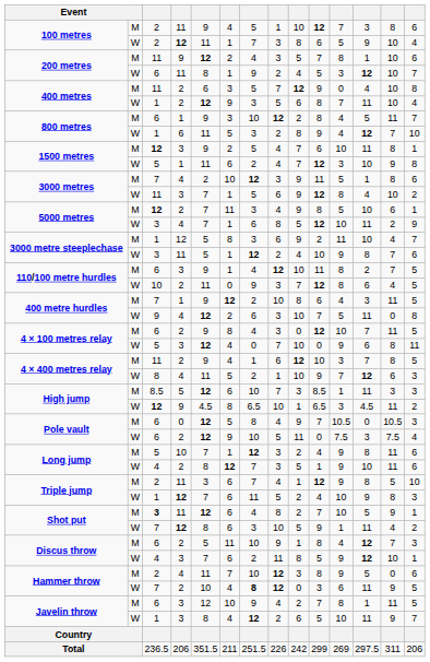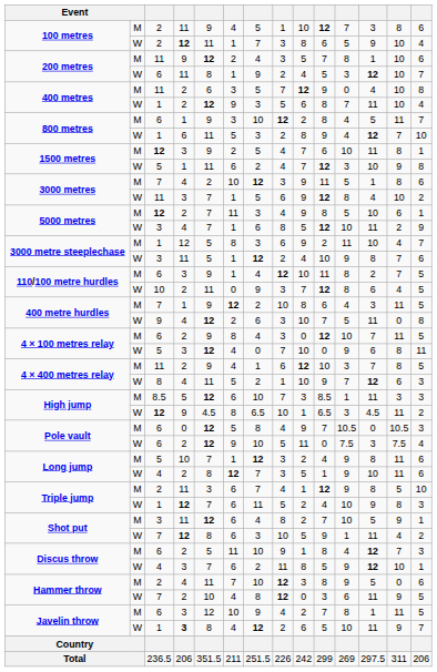 <table class="wikitable" style="background-color: #f9f9f9; font-size: 90%; text-align: center">
 <tr>
 <th width=200 colspan=2>Event</th>
 <th></th>
 <th></th>
 <th></th>
 <th></th>
 <th></th>
 <th></th>
 <th></th>
 <th></th>
 <th></th>
 <th></th>
 <th></th>
 <th></th>
 </tr>
 <tr>
 <td rowspan=2><strong><a href='#'>100 metres</a></strong></td>
 <td>M</td>
 <td>2</td>
 <td>11</td>
 <td>9</td>
 <td>4</td>
 <td>5</td>
 <td>1</td>
 <td>10</td>
 <td><strong>12</strong></td>
 <td>7</td>
 <td>3</td>
 <td>8</td>
 <td>6</td>
 </tr>
 <tr>
 <td>W</td>
 <td>2</td>
 <td><strong>12</strong></td>
 <td>11</td>
 <td>1</td>
 <td>7</td>
 <td>3</td>
 <td>8</td>
 <td>6</td>
 <td>5</td>
 <td>9</td>
 <td>10</td>
 <td>4</td>
 </tr>
 <tr>
 <td rowspan=2><strong><a href='#'>200 metres</a></strong></td>
 <td>M</td>
 <td>11</td>
 <td>9</td>
 <td><strong>12</strong></td>
 <td>2</td>
 <td>4</td>
 <td>3</td>
 <td>5</td>
 <td>7</td>
 <td>8</td>
 <td>1</td>
 <td>10</td>
 <td>6</td>
 </tr>
 <tr>
 <td>W</td>
 <td>6</td>
 <td>11</td>
 <td>8</td>
 <td>1</td>
 <td>9</td>
 <td>2</td>
 <td>4</td>
 <td>5</td>
 <td>3</td>
 <td><strong>12</strong></td>
 <td>10</td>
 <td>7</td>
 </tr>
 <tr>
 <td rowspan=2><strong><a href='#'>400 metres</a></strong></td>
 <td>M</td>
 <td>11</td>
 <td>2</td>
 <td>6</td>
 <td>3</td>
 <td>5</td>
 <td>7</td>
 <td><strong>12</strong></td>
 <td>9</td>
 <td>0</td>
 <td>4</td>
 <td>10</td>
 <td>8</td>
 </tr>
 <tr>
 <td>W</td>
 <td>1</td>
 <td>2</td>
 <td><strong>12</strong></td>
 <td>9</td>
 <td>3</td>
 <td>5</td>
 <td>6</td>
 <td>8</td>
 <td>7</td>
 <td>11</td>
 <td>10</td>
 <td>4</td>
 </tr>
 <tr>
 <td rowspan=2><strong><a href='#'>800 metres</a></strong></td>
 <td>M</td>
 <td>6</td>
 <td>1</td>
 <td>9</td>
 <td>3</td>
 <td>10</td>
 <td><strong>12</strong></td>
 <td>2</td>
 <td>8</td>
 <td>4</td>
 <td>5</td>
 <td>11</td>
 <td>7</td>
 </tr>
 <tr>
 <td>W</td>
 <td>1</td>
 <td>6</td>
 <td>11</td>
 <td>5</td>
 <td>3</td>
 <td>2</td>
 <td>8</td>
 <td>9</td>
 <td>4</td>
 <td><strong>12</strong></td>
 <td>7</td>
 <td>10</td>
 </tr>
 <tr>
 <td rowspan=2><strong><a href='#'>1500 metres</a></strong></td>
 <td>M</td>
 <td><strong>12</strong></td>
 <td>3</td>
 <td>9</td>
 <td>2</td>
 <td>5</td>
 <td>4</td>
 <td>7</td>
 <td>6</td>
 <td>10</td>
 <td>11</td>
 <td>8</td>
 <td>1</td>
 </tr>
 <tr>
 <td>W</td>
 <td>5</td>
 <td>1</td>
 <td>11</td>
 <td>6</td>
 <td>2</td>
 <td>4</td>
 <td>7</td>
 <td><strong>12</strong></td>
 <td>3</td>
 <td>10</td>
 <td>9</td>
 <td>8</td>
 </tr>
 <tr>
 <td rowspan=2><strong><a href='#'>3000 metres</a></strong></td>
 <td>M</td>
 <td>7</td>
 <td>4</td>
 <td>2</td>
 <td>10</td>
 <td><strong>12</strong></td>
 <td>3</td>
 <td>9</td>
 <td>11</td>
 <td>5</td>
 <td>1</td>
 <td>8</td>
 <td>6</td>
 </tr>
 <tr>
 <td>W</td>
 <td>11</td>
 <td>3</td>
 <td>7</td>
 <td>1</td>
 <td>5</td>
 <td>6</td>
 <td>9</td>
 <td><strong>12</strong></td>
 <td>8</td>
 <td>4</td>
 <td>10</td>
 <td>2</td>
 </tr>
 <tr>
 <td rowspan=2><strong><a href='#'>5000 metres</a></strong></td>
 <td>M</td>
 <td><strong>12</strong></td>
 <td>2</td>
 <td>7</td>
 <td>11</td>
 <td>3</td>
 <td>4</td>
 <td>9</td>
 <td>8</td>
 <td>5</td>
 <td>10</td>
 <td>6</td>
 <td>1</td>
 </tr>
 <tr>
 <td>W</td>
 <td>3</td>
 <td>4</td>
 <td>7</td>
 <td>1</td>
 <td>6</td>
 <td>8</td>
 <td>5</td>
 <td><strong>12</strong></td>
 <td>10</td>
 <td>11</td>
 <td>2</td>
 <td>9</td>
 </tr>
 <tr>
 <td rowspan=2><strong><a href='#'>3000 metre steeplechase</a></strong></td>
 <td>M</td>
 <td>1</td>
 <td>12</td>
 <td>5</td>
 <td>8</td>
 <td>3</td>
 <td>6</td>
 <td>9</td>
 <td>2</td>
 <td>11</td>
 <td>10</td>
 <td>4</td>
 <td>7</td>
 </tr>
 <tr>
 <td>W</td>
 <td>3</td>
 <td>11</td>
 <td>5</td>
 <td>1</td>
 <td><strong>12</strong></td>
 <td>2</td>
 <td>4</td>
 <td>10</td>
 <td>9</td>
 <td>8</td>
 <td>7</td>
 <td>6</td>
 </tr>
 <tr>
 <td rowspan=2><strong><a href='#'>110</a>/<a href='#'>100 metre hurdles</a></strong></td>
 <td>M</td>
 <td>6</td>
 <td>3</td>
 <td>9</td>
 <td>1</td>
 <td>4</td>
 <td><strong>12</strong></td>
 <td>10</td>
 <td>11</td>
 <td>8</td>
 <td>2</td>
 <td>7</td>
 <td>5</td>
 </tr>
 <tr>
 <td>W</td>
 <td>10</td>
 <td>2</td>
 <td>11</td>
 <td>0</td>
 <td>9</td>
 <td>3</td>
 <td>7</td>
 <td><strong>12</strong></td>
 <td>8</td>
 <td>6</td>
 <td>4</td>
 <td>5</td>
 </tr>
 <tr>
 <td rowspan=2><strong><a href='#'>400 metre hurdles</a></strong></td>
 <td>M</td>
 <td>7</td>
 <td>1</td>
 <td>9</td>
 <td><strong>12</strong></td>
 <td>2</td>
 <td>10</td>
 <td>8</td>
 <td>6</td>
 <td>4</td>
 <td>3</td>
 <td>11</td>
 <td>5</td>
 </tr>
 <tr>
 <td>W</td>
 <td>9</td>
 <td>4</td>
 <td><strong>12</strong></td>
 <td>2</td>
 <td>6</td>
 <td>3</td>
 <td>10</td>
 <td>7</td>
 <td>5</td>
 <td>11</td>
 <td>0</td>
 <td>8</td>
 </tr>
 <tr>
 <td rowspan=2><strong><a href='#'>4 × 100 metres relay</a></strong></td>
 <td>M</td>
 <td>6</td>
 <td>2</td>
 <td>9</td>
 <td>8</td>
 <td>4</td>
 <td>3</td>
 <td>0</td>
 <td><strong>12</strong></td>
 <td>10</td>
 <td>7</td>
 <td>11</td>
 <td>5</td>
 </tr>
 <tr>
 <td>W</td>
 <td>5</td>
 <td>3</td>
 <td><strong>12</strong></td>
 <td>4</td>
 <td>0</td>
 <td>7</td>
 <td>10</td>
 <td>0</td>
 <td>9</td>
 <td>6</td>
 <td>8</td>
 <td>11</td>
 </tr>
 <tr>
 <td rowspan=2><strong><a href='#'>4 × 400 metres relay</a></strong></td>
 <td>M</td>
 <td>11</td>
 <td>2</td>
 <td>9</td>
 <td>4</td>
 <td>1</td>
 <td>6</td>
 <td><strong>12</strong></td>
 <td>10</td>
 <td>3</td>
 <td>7</td>
 <td>8</td>
 <td>5</td>
 </tr>
 <tr>
 <td>W</td>
 <td>8</td>
 <td>4</td>
 <td>11</td>
 <td>5</td>
 <td>2</td>
 <td>1</td>
 <td>10</td>
 <td>9</td>
 <td>7</td>
 <td><strong>12</strong></td>
 <td>6</td>
 <td>3</td>
 </tr>
 <tr>
 <td rowspan=2><strong><a href='#'>High jump</a></strong></td>
 <td>M</td>
 <td>8.5</td>
 <td>5</td>
 <td><strong>12</strong></td>
 <td>6</td>
 <td>10</td>
 <td>7</td>
 <td>3</td>
 <td>8.5</td>
 <td>1</td>
 <td>11</td>
 <td>3</td>
 <td>3</td>
 </tr>
 <tr>
 <td>W</td>
 <td><strong>12</strong></td>
 <td>9</td>
 <td>4.5</td>
 <td>8</td>
 <td>6.5</td>
 <td>10</td>
 <td>1</td>
 <td>6.5</td>
 <td>3</td>
 <td>4.5</td>
 <td>11</td>
 <td>2</td>
 </tr>
 <tr>
 <td rowspan=2><strong><a href='#'>Pole vault</a></strong></td>
 <td>M</td>
 <td>6</td>
 <td>0</td>
 <td><strong>12</strong></td>
 <td>5</td>
 <td>8</td>
 <td>4</td>
 <td>9</td>
 <td>7</td>
 <td>10.5</td>
 <td>0</td>
 <td>10.5</td>
 <td>3</td>
 </tr>
 <tr>
 <td>W</td>
 <td>6</td>
 <td>2</td>
 <td><strong>12</strong></td>
 <td>9</td>
 <td>10</td>
 <td>5</td>
 <td>11</td>
 <td>0</td>
 <td>7.5</td>
 <td>3</td>
 <td>7.5</td>
 <td>4</td>
 </tr>
 <tr>
 <td rowspan=2><strong><a href='#'>Long jump</a></strong></td>
 <td>M</td>
 <td>5</td>
 <td>10</td>
 <td>7</td>
 <td>1</td>
 <td><strong>12</strong></td>
 <td>3</td>
 <td>2</td>
 <td>4</td>
 <td>9</td>
 <td>8</td>
 <td>11</td>
 <td>6</td>
 </tr>
 <tr>
 <td>W</td>
 <td>4</td>
 <td>2</td>
 <td>8</td>
 <td><strong>12</strong></td>
 <td>7</td>
 <td>3</td>
 <td>5</td>
 <td>1</td>
 <td>9</td>
 <td>10</td>
 <td>11</td>
 <td>6</td>
 </tr>
 <tr>
 <td rowspan=2><strong><a href='#'>Triple jump</a></strong></td>
 <td>M</td>
 <td>2</td>
 <td>11</td>
 <td>3</td>
 <td>6</td>
 <td>7</td>
 <td>4</td>
 <td>1</td>
 <td><strong>12</strong></td>
 <td>9</td>
 <td>8</td>
 <td>5</td>
 <td>10</td>
 </tr>
 <tr>
 <td>W</td>
 <td>1</td>
 <td><strong>12</strong></td>
 <td>7</td>
 <td>6</td>
 <td>11</td>
 <td>5</td>
 <td>2</td>
 <td>4</td>
 <td>10</td>
 <td>9</td>
 <td>8</td>
 <td>3</td>
 </tr>
 <tr>
 <td rowspan=2><strong><a href='#'>Shot put</a></strong></td>
 <td>M</td>
-<td><strong>3</strong></td>
+<td>3</td>
 <td>11</td>
 <td><strong>12</strong></td>
 <td>6</td>
 <td>4</td>
 <td>8</td>
 <td>2</td>
 <td>7</td>
 <td>10</td>
 <td>5</td>
 <td>9</td>
 <td>1</td>
 </tr>
 <tr>
 <td>W</td>
 <td>7</td>
 <td><strong>12</strong></td>
 <td>8</td>
 <td>6</td>
 <td>3</td>
 <td>10</td>
 <td>5</td>
 <td>9</td>
 <td>1</td>
 <td>11</td>
 <td>4</td>
 <td>2</td>
 </tr>
 <tr>
 <td rowspan=2><strong><a href='#'>Discus throw</a></strong></td>
 <td>M</td>
 <td>6</td>
 <td>2</td>
 <td>5</td>
 <td>11</td>
 <td>10</td>
 <td>9</td>
 <td>1</td>
 <td>8</td>
 <td>4</td>
 <td><strong>12</strong></td>
 <td>7</td>
 <td>3</td>
 </tr>
 <tr>
 <td>W</td>
 <td>4</td>
 <td>3</td>
 <td>7</td>
 <td>6</td>
 <td>2</td>
 <td>11</td>
 <td>8</td>
 <td>5</td>
 <td>9</td>
 <td><strong>12</strong></td>
 <td>10</td>
 <td>1</td>
 </tr>
 <tr>
 <td rowspan=2><strong><a href='#'>Hammer throw</a></strong></td>
 <td>M</td>
 <td>2</td>
 <td>4</td>
 <td>11</td>
 <td>7</td>
 <td>10</td>
 <td><strong>12</strong></td>
 <td>3</td>
 <td>8</td>
 <td>9</td>
 <td>5</td>
 <td>0</td>
 <td>6</td>
 </tr>
 <tr>
 <td>W</td>
 <td>7</td>
 <td>2</td>
 <td>10</td>
 <td>4</td>
-<td><strong>8</strong></td>
+<td>8</td>
 <td><strong>12</strong></td>
 <td>0</td>
 <td>3</td>
 <td>6</td>
 <td>11</td>
 <td>9</td>
 <td>5</td>
 </tr>
 <tr>
 <td rowspan=2><strong><a href='#'>Javelin throw</a></strong></td>
 <td>M</td>
 <td>6</td>
 <td>3</td>
 <td>12</td>
 <td>10</td>
 <td>9</td>
 <td>4</td>
 <td>2</td>
 <td>7</td>
 <td>8</td>
 <td>1</td>
 <td>11</td>
 <td>5</td>
 </tr>
 <tr>
 <td>W</td>
 <td>1</td>
-<td>3</td>
+<td><strong>3</strong></td>
 <td>8</td>
 <td>4</td>
 <td><strong>12</strong></td>
 <td>2</td>
 <td>6</td>
 <td>5</td>
 <td>10</td>
 <td>11</td>
 <td>9</td>
 <td>7</td>
 </tr>
 <tr>
 <th colspan=2>Country</th>
 <th></th>
 <th></th>
 <th></th>
 <th></th>
 <th></th>
 <th></th>
 <th></th>
 <th></th>
 <th></th>
 <th></th>
 <th></th>
 <th></th>
 </tr>
 <tr>
 <th colspan=2>Total</th>
 <td>236.5</td>
 <td>206</td>
 <td>351.5</td>
 <td>211</td>
 <td>251.5</td>
 <td>226</td>
 <td>242</td>
 <td>299</td>
 <td>269</td>
 <td>297.5</td>
 <td>311</td>
 <td>206</td>
 </tr>
 </table>
